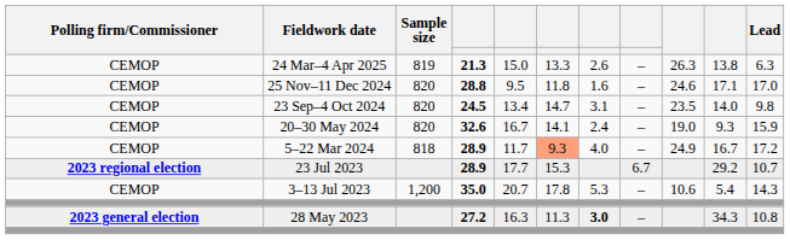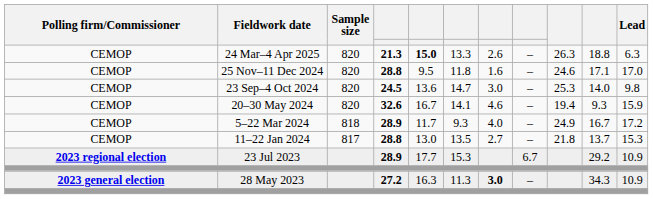 <table class="wikitable collapsible collapsed" style="text-align:center; font-size:90%; line-height:14px;">
 <tr style="height:42px;">
 <th style="width:250px;" rowspan="2">Polling firm/Commissioner</th>
 <th style="width:125px;" rowspan="2">Fieldwork date</th>
 <th style="width:50px;" rowspan="2">Sample size</th>
 <th style="width:35px;"></th>
 <th style="width:35px;"></th>
 <th style="width:35px;"></th>
 <th style="width:35px;"><br></th>
 <th style="width:35px;"></th>
 <th style="width:35px;" rowspan="2"></th>
 <th style="width:35px;" rowspan="2"></th>
 <th style="width:30px;" rowspan="2">Lead</th>
 </tr>
 <tr>
 <th style="color:inherit;background:"></th>
 <th style="color:inherit;background:"></th>
 <th style="color:inherit;background:"></th>
 <th style="color:inherit;background:"></th>
 <th style="color:inherit;background:"></th>
 </tr>
 <tr>
 <td>CEMOP</td>
 <td>24 Mar–4 Apr 2025</td>
-<td>819</td>
+<td>820</td>
 <td><strong>21.3</strong></td>
-<td>15.0</td>
+<td><strong>15.0</strong></td>
 <td>13.3</td>
 <td>2.6</td>
 <td>–</td>
 <td>26.3</td>
-<td>13.8</td>
+<td>18.8</td>
 <td style="background:">6.3</td>
 </tr>
 <tr>
 <td>CEMOP</td>
 <td>25 Nov–11 Dec 2024</td>
 <td>820</td>
 <td><strong>28.8</strong></td>
 <td>9.5</td>
 <td>11.8</td>
 <td>1.6</td>
 <td>–</td>
 <td>24.6</td>
 <td>17.1</td>
 <td style="background:">17.0</td>
 </tr>
 <tr>
 <td>CEMOP</td>
 <td>23 Sep–4 Oct 2024</td>
 <td>820</td>
 <td><strong>24.5</strong></td>
-<td>13.4</td>
+<td>13.6</td>
 <td>14.7</td>
-<td>3.1</td>
+<td>3.0</td>
 <td>–</td>
-<td>23.5</td>
+<td>25.3</td>
 <td>14.0</td>
 <td style="background:">9.8</td>
 </tr>
 <tr>
 <td>CEMOP</td>
 <td>20–30 May 2024</td>
 <td>820</td>
 <td><strong>32.6</strong></td>
 <td>16.7</td>
 <td>14.1</td>
-<td>2.4</td>
+<td>4.6</td>
 <td>–</td>
-<td>19.0</td>
+<td>19.4</td>
 <td>9.3</td>
 <td style="background:">15.9</td>
 </tr>
 <tr>
 <td>CEMOP</td>
 <td>5–22 Mar 2024</td>
 <td>818</td>
 <td><strong>28.9</strong></td>
 <td>11.7</td>
-<td style="background: lightsalmon;">9.3</td>
+<td>9.3</td>
 <td>4.0</td>
 <td>–</td>
 <td>24.9</td>
 <td>16.7</td>
 <td style="background:">17.2</td>
+</tr>
+<tr>
+<td>CEMOP</td>
+<td>11–22 Jan 2024</td>
+<td>817</td>
+<td><strong>28.8</strong></td>
+<td>13.0</td>
+<td>13.5</td>
+<td>2.7</td>
+<td>–</td>
+<td>21.8</td>
+<td>13.7</td>
+<td style="background:">15.3</td>
 </tr>
 <tr style="background:#EFEFEF;">
 <td><strong><a href='#'>2023 regional election</a></strong></td>
 <td>23 Jul 2023</td>
 <td></td>
 <td><strong>28.9</strong></td>
 <td>17.7</td>
 <td>15.3</td>
 <td></td>
 <td>6.7</td>
 <td></td>
 <td>29.2</td>
-<td style="background:">10.7</td>
-</tr>
-<tr>
-<td>CEMOP</td>
-<td>3–13 Jul 2023</td>
-<td>1,200</td>
-<td><strong>35.0</strong></td>
-<td>20.7</td>
-<td>17.8</td>
-<td>5.3</td>
-<td>–</td>
-<td>10.6</td>
-<td>5.4</td>
-<td style="background:">14.3</td>
+<td style="background:">10.9</td>
 </tr>
 <tr>
 <td colspan="11" style="background:#A0A0A0"></td>
 </tr>
 <tr style="background:#EFEFEF;">
 <td><strong><a href='#'>2023 general election</a></strong></td>
 <td>28 May 2023</td>
 <td></td>
 <td><strong>27.2</strong></td>
 <td>16.3</td>
 <td>11.3</td>
 <td><strong>3.0</strong></td>
 <td>–</td>
 <td></td>
 <td>34.3</td>
-<td style="background:">10.8</td>
+<td style="background:">10.9</td>
 </tr>
 <tr>
 <td colspan="11" style="background:#A0A0A0"></td>
 </tr>
 </table>
